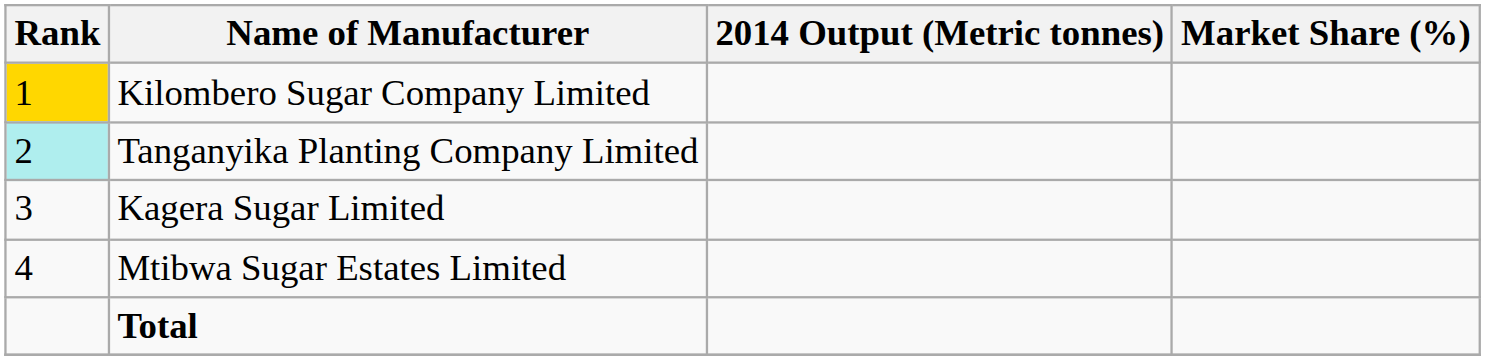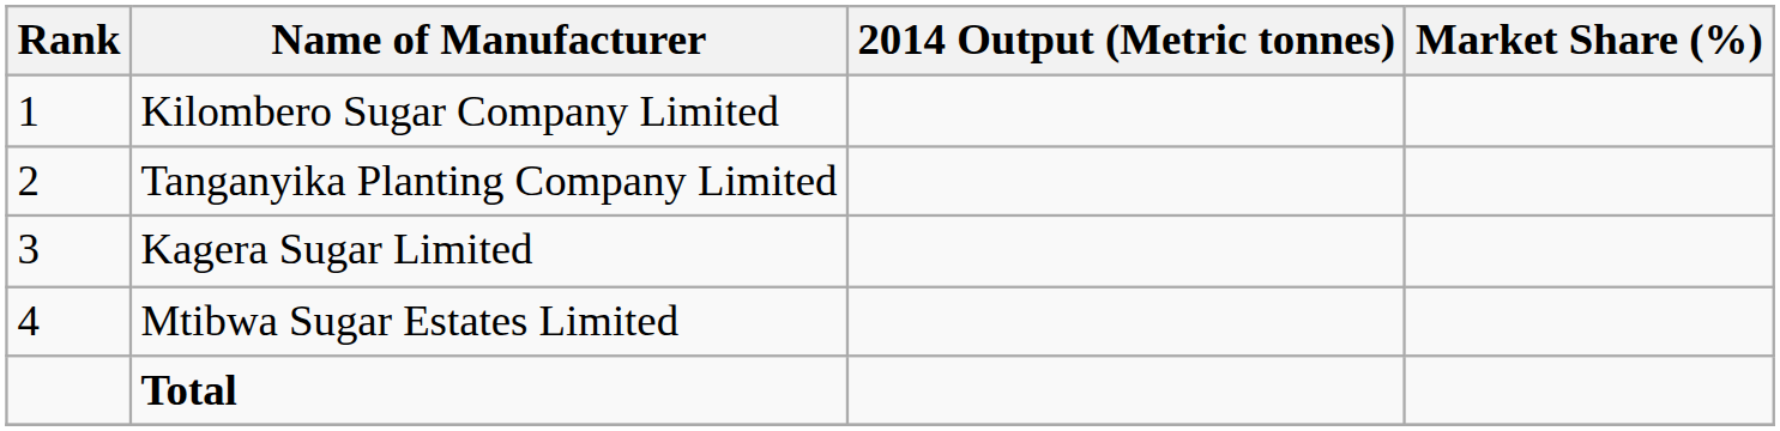 <table class="wikitable sortable" style="margin:0.5em auto">
 <tr>
 <th style="width:2em;">Rank</th>
 <th>Name of Manufacturer</th>
 <th>2014 Output (Metric tonnes)</th>
 <th>Market Share (%)</th>
 </tr>
 <tr>
-<td style="background: gold;">1</td>
+<td>1</td>
 <td>Kilombero Sugar Company Limited</td>
 <td></td>
 <td></td>
 </tr>
 <tr>
-<td style="background: paleturquoise;">2</td>
+<td>2</td>
 <td>Tanganyika Planting Company Limited</td>
 <td></td>
 <td></td>
 </tr>
 <tr>
 <td>3</td>
 <td>Kagera Sugar Limited</td>
 <td></td>
 <td></td>
 </tr>
 <tr>
 <td>4</td>
 <td>Mtibwa Sugar Estates Limited</td>
 <td></td>
 <td></td>
 </tr>
 <tr>
 <td></td>
 <td><strong>Total</strong></td>
 <td></td>
 <td></td>
 </tr>
 <tr>
 </tr>
 </table>
